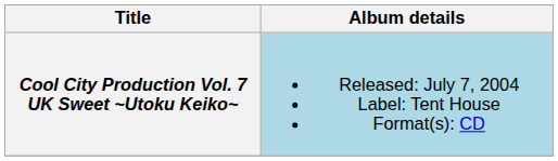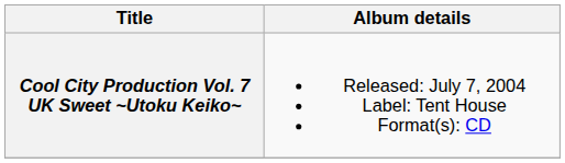 <table class="wikitable plainrowheaders" style="text-align:center;">
 <tr>
 <th style="width:14em;" rowspan="1">Title</th>
 <th style="width:16em;" rowspan="1">Album details</th>
 </tr>
 <tr>
 <th scope="row"><em>Cool City Production Vol. 7 UK Sweet ~Utoku Keiko~</em></th>
-<td style="background: lightblue;"><br><ul><li>Released: July 7, 2004</li><li>Label: Tent House</li><li>Format(s): <a href='#'>CD</a></li></ul></td>
+<td><br><ul><li>Released: July 7, 2004</li><li>Label: Tent House</li><li>Format(s): <a href='#'>CD</a></li></ul></td>
 </tr>
 <tr>
 </tr>
 </table>
